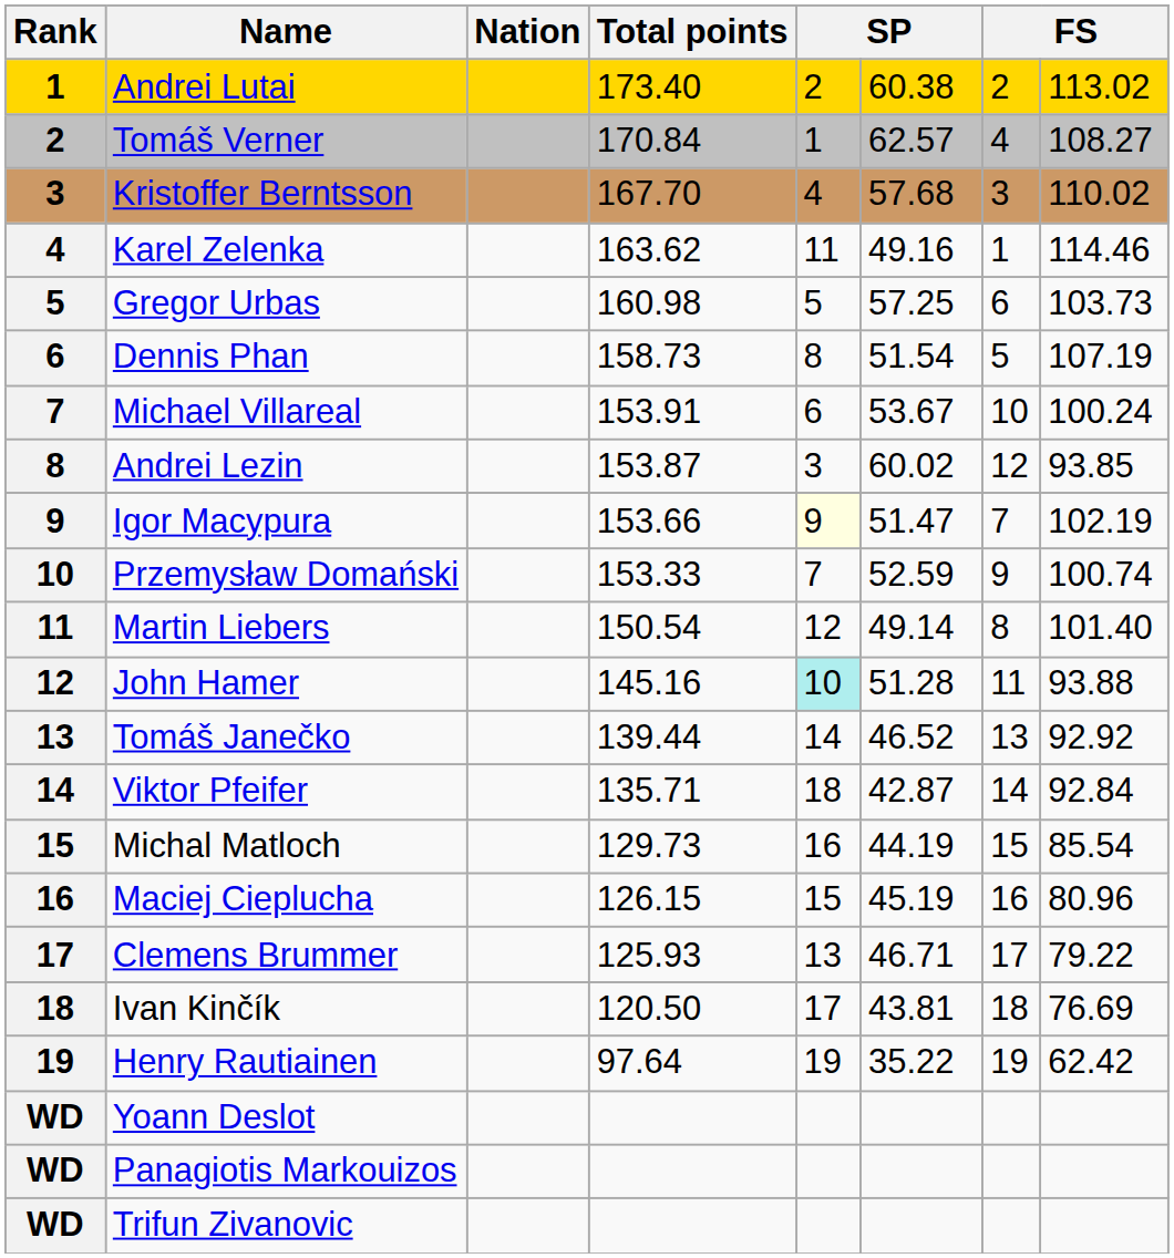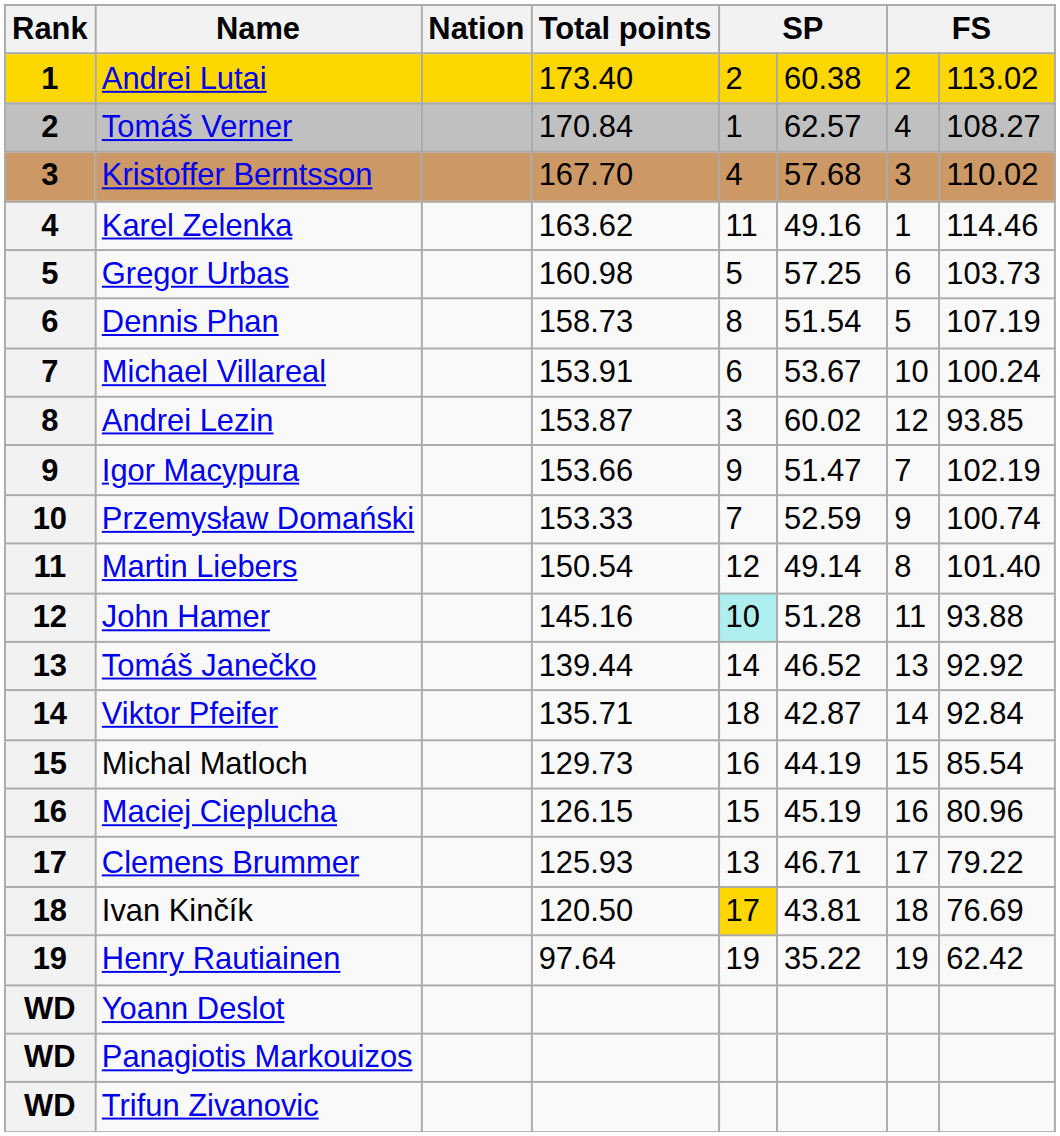 <table class="wikitable">
 <tr>
 <th>Rank</th>
 <th>Name</th>
 <th>Nation</th>
 <th>Total points</th>
 <th colspan="2" width="80px">SP</th>
 <th colspan="2" width="80px">FS</th>
 </tr>
 <tr bgcolor="gold">
 <td align="center"><strong>1</strong></td>
 <td><a href='#'>Andrei Lutai</a></td>
 <td></td>
 <td>173.40</td>
 <td>2</td>
 <td>60.38</td>
 <td>2</td>
 <td>113.02</td>
 </tr>
 <tr bgcolor="silver">
 <td align="center"><strong>2</strong></td>
 <td><a href='#'>Tomáš Verner</a></td>
 <td></td>
 <td>170.84</td>
 <td>1</td>
 <td>62.57</td>
 <td>4</td>
 <td>108.27</td>
 </tr>
 <tr bgcolor="cc9966">
 <td align="center"><strong>3</strong></td>
 <td><a href='#'>Kristoffer Berntsson</a></td>
 <td></td>
 <td>167.70</td>
 <td>4</td>
 <td>57.68</td>
 <td>3</td>
 <td>110.02</td>
 </tr>
 <tr>
 <th>4</th>
 <td><a href='#'>Karel Zelenka</a></td>
 <td></td>
 <td>163.62</td>
 <td>11</td>
 <td>49.16</td>
 <td>1</td>
 <td>114.46</td>
 </tr>
 <tr>
 <th>5</th>
 <td><a href='#'>Gregor Urbas</a></td>
 <td></td>
 <td>160.98</td>
 <td>5</td>
 <td>57.25</td>
 <td>6</td>
 <td>103.73</td>
 </tr>
 <tr>
 <th>6</th>
 <td><a href='#'>Dennis Phan</a></td>
 <td></td>
 <td>158.73</td>
 <td>8</td>
 <td>51.54</td>
 <td>5</td>
 <td>107.19</td>
 </tr>
 <tr>
 <th>7</th>
 <td><a href='#'>Michael Villareal</a></td>
 <td></td>
 <td>153.91</td>
 <td>6</td>
 <td>53.67</td>
 <td>10</td>
 <td>100.24</td>
 </tr>
 <tr>
 <th>8</th>
 <td><a href='#'>Andrei Lezin</a></td>
 <td></td>
 <td>153.87</td>
 <td>3</td>
 <td>60.02</td>
 <td>12</td>
 <td>93.85</td>
 </tr>
 <tr>
 <th>9</th>
 <td><a href='#'>Igor Macypura</a></td>
 <td></td>
 <td>153.66</td>
-<td style="background: lightyellow;">9</td>
+<td>9</td>
 <td>51.47</td>
 <td>7</td>
 <td>102.19</td>
 </tr>
 <tr>
 <th>10</th>
 <td><a href='#'>Przemysław Domański</a></td>
 <td></td>
 <td>153.33</td>
 <td>7</td>
 <td>52.59</td>
 <td>9</td>
 <td>100.74</td>
 </tr>
 <tr>
 <th>11</th>
 <td><a href='#'>Martin Liebers</a></td>
 <td></td>
 <td>150.54</td>
 <td>12</td>
 <td>49.14</td>
 <td>8</td>
 <td>101.40</td>
 </tr>
 <tr>
 <th>12</th>
 <td><a href='#'>John Hamer</a></td>
 <td></td>
 <td>145.16</td>
 <td style="background: paleturquoise;">10</td>
 <td>51.28</td>
 <td>11</td>
 <td>93.88</td>
 </tr>
 <tr>
 <th>13</th>
 <td><a href='#'>Tomáš Janečko</a></td>
 <td></td>
 <td>139.44</td>
 <td>14</td>
 <td>46.52</td>
 <td>13</td>
 <td>92.92</td>
 </tr>
 <tr>
 <th>14</th>
 <td><a href='#'>Viktor Pfeifer</a></td>
 <td></td>
 <td>135.71</td>
 <td>18</td>
 <td>42.87</td>
 <td>14</td>
 <td>92.84</td>
 </tr>
 <tr>
 <th>15</th>
 <td>Michal Matloch</td>
 <td></td>
 <td>129.73</td>
 <td>16</td>
 <td>44.19</td>
 <td>15</td>
 <td>85.54</td>
 </tr>
 <tr>
 <th>16</th>
 <td><a href='#'>Maciej Cieplucha</a></td>
 <td></td>
 <td>126.15</td>
 <td>15</td>
 <td>45.19</td>
 <td>16</td>
 <td>80.96</td>
 </tr>
 <tr>
 <th>17</th>
 <td><a href='#'>Clemens Brummer</a></td>
 <td></td>
 <td>125.93</td>
 <td>13</td>
 <td>46.71</td>
 <td>17</td>
 <td>79.22</td>
 </tr>
 <tr>
 <th>18</th>
 <td>Ivan Kinčík</td>
 <td></td>
 <td>120.50</td>
-<td>17</td>
+<td style="background: gold;">17</td>
 <td>43.81</td>
 <td>18</td>
 <td>76.69</td>
 </tr>
 <tr>
 <th>19</th>
 <td><a href='#'>Henry Rautiainen</a></td>
 <td></td>
 <td>97.64</td>
 <td>19</td>
 <td>35.22</td>
 <td>19</td>
 <td>62.42</td>
 </tr>
 <tr>
 <th>WD</th>
 <td><a href='#'>Yoann Deslot</a></td>
 <td></td>
 <td></td>
 <td></td>
 <td></td>
 <td></td>
 <td></td>
 </tr>
 <tr>
 <th>WD</th>
 <td><a href='#'>Panagiotis Markouizos</a></td>
 <td></td>
 <td></td>
 <td></td>
 <td></td>
 <td></td>
 <td></td>
 </tr>
 <tr>
 <th>WD</th>
 <td><a href='#'>Trifun Zivanovic</a></td>
 <td></td>
 <td></td>
 <td></td>
 <td></td>
 <td></td>
 <td></td>
 </tr>
 </table>
